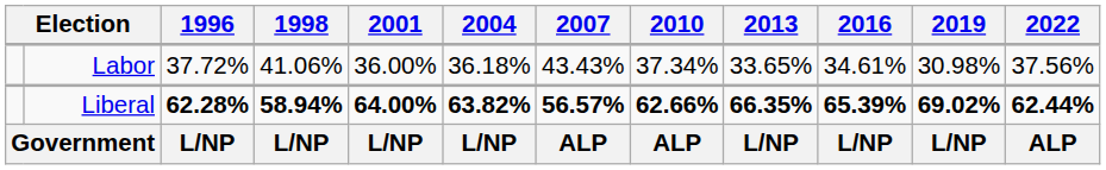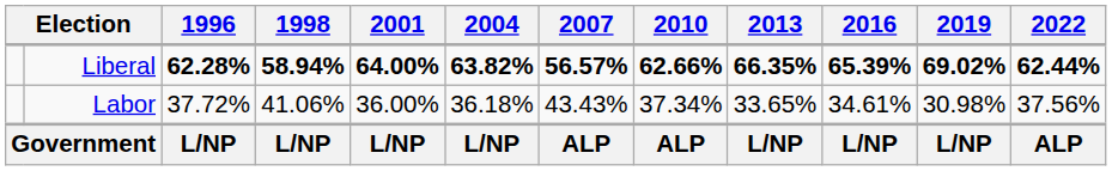 <table class="wikitable">
 <tr align=right style="border-bottom: 2px solid darkgray;">
 <th colspan="2">Election</th>
 <th><a href='#'>1996</a></th>
 <th><a href='#'>1998</a></th>
 <th><a href='#'>2001</a></th>
 <th><a href='#'>2004</a></th>
 <th><a href='#'>2007</a></th>
 <th><a href='#'>2010</a></th>
 <th><a href='#'>2013</a></th>
 <th><a href='#'>2016</a></th>
 <th><a href='#'>2019</a></th>
 <th><a href='#'>2022</a></th>
+</tr>
+<tr align=right>
+<td width=1pt > </td>
+<td><a href='#'>Liberal</a></td>
+<td><strong>62.28%</strong></td>
+<td><strong>58.94%</strong></td>
+<td><strong>64.00%</strong></td>
+<td><strong>63.82%</strong></td>
+<td><strong>56.57%</strong></td>
+<td><strong>62.66%</strong></td>
+<td><strong>66.35%</strong></td>
+<td><strong>65.39%</strong></td>
+<td><strong>69.02%</strong></td>
+<td><strong>62.44%</strong></td>
 </tr>
 <tr align=right style="border-bottom: 2px solid darkgray;">
 <td width=1pt > </td>
 <td><a href='#'>Labor</a></td>
 <td>37.72%</td>
 <td>41.06%</td>
 <td>36.00%</td>
 <td>36.18%</td>
 <td>43.43%</td>
 <td>37.34%</td>
 <td>33.65%</td>
 <td>34.61%</td>
 <td>30.98%</td>
 <td>37.56%</td>
 </tr>
 <tr align=right>
-<td width=1pt > </td>
-<td><a href='#'>Liberal</a></td>
-<td><strong>62.28%</strong></td>
-<td><strong>58.94%</strong></td>
-<td><strong>64.00%</strong></td>
-<td><strong>63.82%</strong></td>
-<td><strong>56.57%</strong></td>
-<td><strong>62.66%</strong></td>
-<td><strong>66.35%</strong></td>
-<td><strong>65.39%</strong></td>
-<td><strong>69.02%</strong></td>
-<td><strong>62.44%</strong></td>
-</tr>
-<tr align=right>
 <th colspan="2">Government</th>
 <th>L/NP</th>
 <th>L/NP</th>
 <th>L/NP</th>
 <th>L/NP</th>
 <th>ALP</th>
 <th>ALP</th>
 <th>L/NP</th>
 <th>L/NP</th>
 <th>L/NP</th>
 <th>ALP</th>
 </tr>
 </table>
